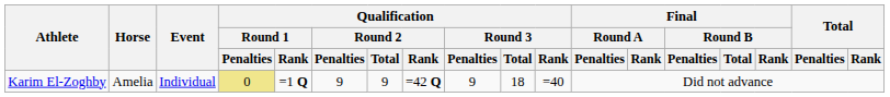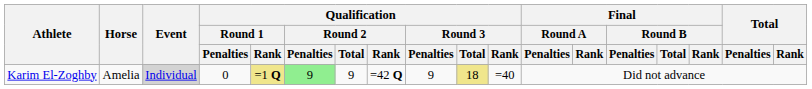 <table class="wikitable" style="font-size:90%">
 <tr>
 <th rowspan="3">Athlete</th>
 <th rowspan="3">Horse</th>
 <th rowspan="3">Event</th>
 <th colspan="8">Qualification</th>
 <th colspan="5">Final</th>
 <th rowspan=2 colspan="2">Total</th>
 </tr>
 <tr style="font-size:95%">
 <th colspan="2">Round 1</th>
 <th colspan="3">Round 2</th>
 <th colspan="3">Round 3</th>
 <th colspan="2">Round A</th>
 <th colspan="3">Round B</th>
 </tr>
 <tr style="font-size:95%">
 <th>Penalties</th>
 <th>Rank</th>
 <th>Penalties</th>
 <th>Total</th>
 <th>Rank</th>
 <th>Penalties</th>
 <th>Total</th>
 <th>Rank</th>
 <th>Penalties</th>
 <th>Rank</th>
 <th>Penalties</th>
 <th>Total</th>
 <th>Rank</th>
 <th>Penalties</th>
 <th>Rank</th>
 </tr>
 <tr align=center>
 <td align=left><a href='#'>Karim El-Zoghby</a></td>
 <td align=left>Amelia</td>
-<td align=left><a href='#'>Individual</a></td>
-<td style="background: khaki;">0</td>
-<td>=1 <strong>Q</strong></td>
-<td>9</td>
+<td align=left style="background: lightgrey;"><a href='#'>Individual</a></td>
+<td>0</td>
+<td style="background: khaki;">=1 <strong>Q</strong></td>
+<td style="background: lightgreen;">9</td>
 <td>9</td>
 <td>=42 <strong>Q</strong></td>
 <td>9</td>
-<td>18</td>
+<td style="background: khaki;">18</td>
 <td>=40</td>
 <td colspan=7>Did not advance</td>
 </tr>
 </table>
